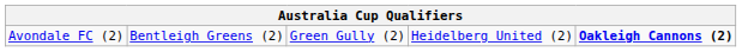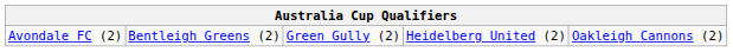 <table class="wikitable" style="text-align:center">
 <tr>
 <th colspan=5>Australia Cup Qualifiers</th>
 </tr>
 <tr>
 <td><a href='#'>Avondale FC</a> (2)</td>
 <td><a href='#'>Bentleigh Greens</a> (2)</td>
 <td><a href='#'>Green Gully</a> (2)</td>
 <td><a href='#'>Heidelberg United</a> (2)</td>
-<td><strong><a href='#'>Oakleigh Cannons</a> (2)</strong></td>
+<td><a href='#'>Oakleigh Cannons</a> (2)</td>
 </tr>
 </table>
